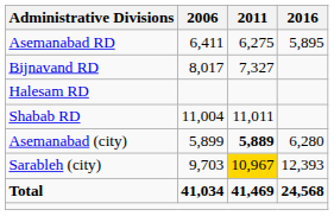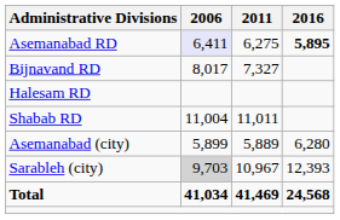 <table class="wikitable">
 <tr>
 <th>Administrative Divisions</th>
 <th>2006</th>
 <th>2011</th>
 <th>2016</th>
 </tr>
 <tr>
 <td><a href='#'>Asemanabad RD</a></td>
-<td style="text-align: right;">6,411</td>
+<td style="background: lavender; text-align: right;">6,411</td>
 <td style="text-align: right;">6,275</td>
-<td style="text-align: right;">5,895</td>
+<td style="text-align: right;"><strong>5,895</strong></td>
 </tr>
 <tr>
 <td><a href='#'>Bijnavand RD</a></td>
 <td style="text-align: right;">8,017</td>
 <td style="text-align: right;">7,327</td>
 <td style="text-align: right;"></td>
 </tr>
 <tr>
 <td><a href='#'>Halesam RD</a></td>
 <td style="text-align: right;"></td>
 <td style="text-align: right;"></td>
 <td style="text-align: right;"></td>
 </tr>
 <tr>
 <td><a href='#'>Shabab RD</a></td>
 <td style="text-align: right;">11,004</td>
 <td style="text-align: right;">11,011</td>
 <td style="text-align: right;"></td>
 </tr>
 <tr>
 <td><a href='#'>Asemanabad</a> (city)</td>
 <td style="text-align: right;">5,899</td>
-<td style="text-align: right;"><strong>5,889</strong></td>
+<td style="text-align: right;">5,889</td>
 <td style="text-align: right;">6,280</td>
 </tr>
 <tr>
 <td><a href='#'>Sarableh</a> (city)</td>
-<td style="text-align: right;">9,703</td>
-<td style="background: gold; text-align: right;">10,967</td>
+<td style="background: lightgrey; text-align: right;">9,703</td>
+<td style="text-align: right;">10,967</td>
 <td style="text-align: right;">12,393</td>
 </tr>
 <tr>
 <td><strong>Total</strong></td>
 <td style="text-align: right;"><strong>41,034</strong></td>
 <td style="text-align: right;"><strong>41,469</strong></td>
 <td style="text-align: right;"><strong>24,568</strong></td>
 </tr>
 <tr>
 <td colspan=4></td>
 </tr>
 </table>
